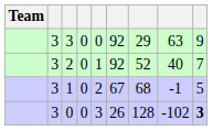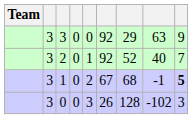 <table class="wikitable" style="text-align: center;">
 <tr>
 <th>Team</th>
 <th></th>
 <th></th>
 <th></th>
 <th></th>
 <th></th>
 <th></th>
 <th></th>
 <th></th>
 </tr>
 <tr bgcolor="ccffcc">
 <td align="left"></td>
 <td>3</td>
 <td>3</td>
 <td>0</td>
 <td>0</td>
 <td>92</td>
 <td>29</td>
 <td>63</td>
 <td>9</td>
 </tr>
 <tr bgcolor="ccffcc">
 <td align="left"></td>
 <td>3</td>
 <td>2</td>
 <td>0</td>
 <td>1</td>
 <td>92</td>
 <td>52</td>
 <td>40</td>
 <td>7</td>
 </tr>
 <tr bgcolor="ccccff">
 <td align="left"></td>
 <td>3</td>
 <td>1</td>
 <td>0</td>
 <td>2</td>
 <td>67</td>
 <td>68</td>
 <td>-1</td>
-<td>5</td>
+<td><strong>5</strong></td>
 </tr>
 <tr bgcolor="ccccff">
 <td align="left"></td>
 <td>3</td>
 <td>0</td>
 <td>0</td>
 <td>3</td>
 <td>26</td>
 <td>128</td>
 <td>-102</td>
-<td><strong>3</strong></td>
+<td>3</td>
 </tr>
 </table>
